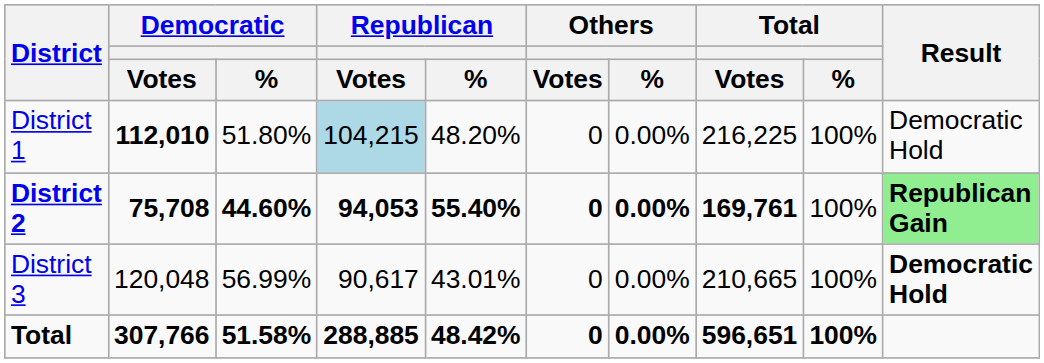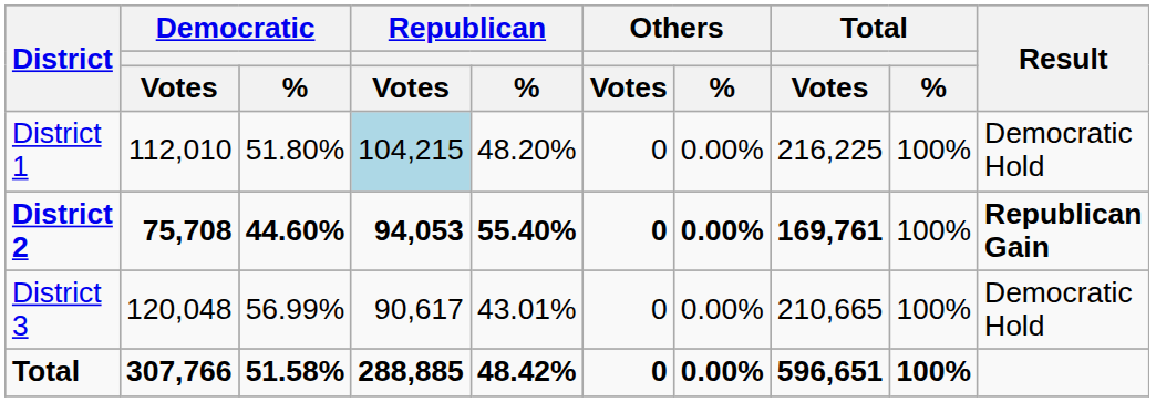 <table class="wikitable plainrowheaders sortable" style="font-size:100%; text-align:right;">
 <tr>
 <th scope=col rowspan=3><a href='#'>District</a></th>
 <th scope=col colspan=2><a href='#'>Democratic</a></th>
 <th scope=col colspan=2><a href='#'>Republican</a></th>
 <th scope=col colspan=2>Others</th>
 <th scope=col colspan=2>Total</th>
 <th scope=col rowspan=3>Result</th>
 </tr>
 <tr>
 <th scope=col colspan=2 style="background:"></th>
 <th scope=col colspan=2 style="background:"></th>
 <th scope=col colspan=2></th>
 <th scope=col colspan=2></th>
 </tr>
 <tr>
 <th scope=col data-sort-type="number">Votes</th>
 <th scope=col data-sort-type="number">%</th>
 <th scope=col data-sort-type="number">Votes</th>
 <th scope=col data-sort-type="number">%</th>
 <th scope=col data-sort-type="number">Votes</th>
 <th scope=col data-sort-type="number">%</th>
 <th scope=col data-sort-type="number">Votes</th>
 <th scope=col data-sort-type="number">%</th>
 </tr>
 <tr>
 <td align=left><a href='#'>District 1</a></td>
-<td><strong>112,010</strong></td>
+<td>112,010</td>
 <td>51.80%</td>
 <td style="background: lightblue;">104,215</td>
 <td>48.20%</td>
 <td>0</td>
 <td>0.00%</td>
 <td>216,225</td>
 <td>100%</td>
 <td align=left>Democratic Hold</td>
 </tr>
 <tr>
 <td align=left><strong><a href='#'>District 2</a></strong></td>
 <td><strong>75,708</strong></td>
 <td><strong>44.60%</strong></td>
 <td><strong>94,053</strong></td>
 <td><strong>55.40%</strong></td>
 <td><strong>0</strong></td>
 <td><strong>0.00%</strong></td>
 <td><strong>169,761</strong></td>
 <td>100%</td>
-<td align=left style="background: lightgreen;"><strong>Republican Gain</strong></td>
+<td align=left><strong>Republican Gain</strong></td>
 </tr>
 <tr>
 <td align=left><a href='#'>District 3</a></td>
 <td>120,048</td>
 <td>56.99%</td>
 <td>90,617</td>
 <td>43.01%</td>
 <td>0</td>
 <td>0.00%</td>
 <td>210,665</td>
 <td>100%</td>
-<td align=left><strong>Democratic Hold</strong></td>
+<td align=left>Democratic Hold</td>
 </tr>
 <tr class="sortbottom" style="font-weight:bold">
 <td align=left>Total</td>
 <td>307,766</td>
 <td>51.58%</td>
 <td>288,885</td>
 <td>48.42%</td>
 <td>0</td>
 <td>0.00%</td>
 <td>596,651</td>
 <td>100%</td>
 <td></td>
 </tr>
 </table>
